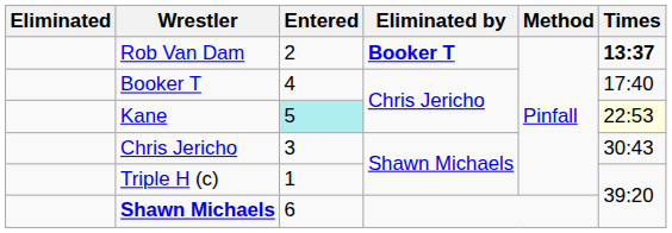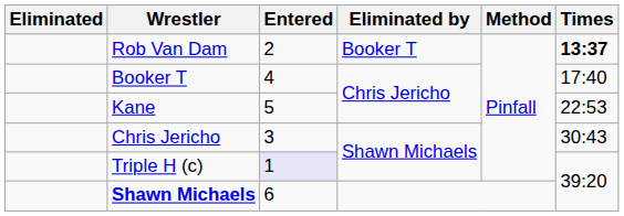 <table class="wikitable sortable">
 <tr>
 <th>Eliminated</th>
 <th>Wrestler</th>
 <th>Entered</th>
 <th>Eliminated by</th>
 <th>Method</th>
 <th>Times</th>
 </tr>
 <tr>
 <td></td>
 <td><a href='#'>Rob Van Dam</a></td>
 <td>2</td>
-<td><strong><a href='#'>Booker T</a></strong></td>
+<td><a href='#'>Booker T</a></td>
 <td rowspan=5><a href='#'>Pinfall</a></td>
 <td><strong>13:37</strong></td>
 </tr>
 <tr>
 <td></td>
 <td><a href='#'>Booker T</a></td>
 <td>4</td>
 <td rowspan=2><a href='#'>Chris Jericho</a></td>
 <td>17:40</td>
 </tr>
 <tr>
 <td></td>
 <td><a href='#'>Kane</a></td>
-<td style="background: paleturquoise;">5</td>
-<td style="background: lightyellow;">22:53</td>
+<td>5</td>
+<td>22:53</td>
 </tr>
 <tr>
 <td></td>
 <td><a href='#'>Chris Jericho</a></td>
 <td>3</td>
 <td rowspan=2><a href='#'>Shawn Michaels</a></td>
 <td>30:43</td>
 </tr>
 <tr>
 <td></td>
 <td><a href='#'>Triple H</a> (c)</td>
-<td>1</td>
+<td style="background: lavender;">1</td>
 <td rowspan=2>39:20</td>
 </tr>
 <tr>
 <td></td>
 <td><strong><a href='#'>Shawn Michaels</a></strong></td>
 <td>6</td>
 <td colspan="2"></td>
 </tr>
 </table>
